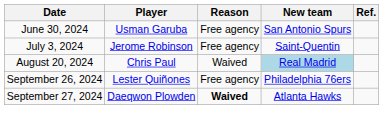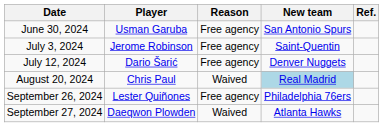 <table class="wikitable sortable sortable" style="text-align: center">
 <tr>
 <th>Date</th>
 <th>Player</th>
 <th>Reason</th>
 <th>New team</th>
 <th>Ref.</th>
 </tr>
 <tr>
 <td>June 30, 2024</td>
 <td><a href='#'>Usman Garuba</a></td>
 <td>Free agency</td>
 <td><a href='#'>San Antonio Spurs</a></td>
 <td></td>
 </tr>
 <tr>
 <td>July 3, 2024</td>
 <td><a href='#'>Jerome Robinson</a></td>
 <td>Free agency</td>
 <td> <a href='#'>Saint-Quentin</a> </td>
 <td></td>
 </tr>
 <tr>
+<td>July 12, 2024</td>
+<td><a href='#'>Dario Šarić</a></td>
+<td>Free agency</td>
+<td><a href='#'>Denver Nuggets</a></td>
+<td></td>
+</tr>
+<tr>
 <td>August 20, 2024</td>
 <td><a href='#'>Chris Paul</a></td>
 <td>Waived</td>
 <td style="background: lightblue;"> <a href='#'>Real Madrid</a> </td>
 <td></td>
 </tr>
 <tr>
 <td>September 26, 2024</td>
 <td><a href='#'>Lester Quiñones</a></td>
 <td>Free agency</td>
 <td><a href='#'>Philadelphia 76ers</a></td>
 <td></td>
 </tr>
 <tr>
 <td>September 27, 2024</td>
 <td><a href='#'>Daeqwon Plowden</a></td>
-<td><strong>Waived</strong></td>
+<td>Waived</td>
 <td><a href='#'>Atlanta Hawks</a></td>
 <td></td>
 </tr>
 </table>
